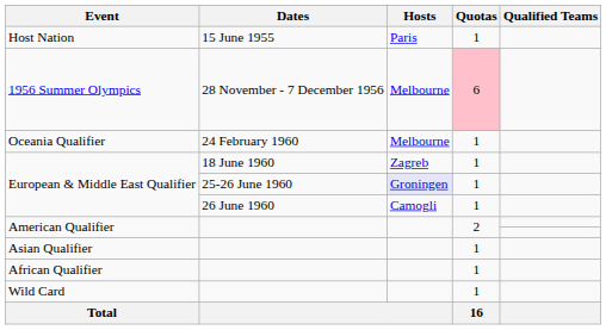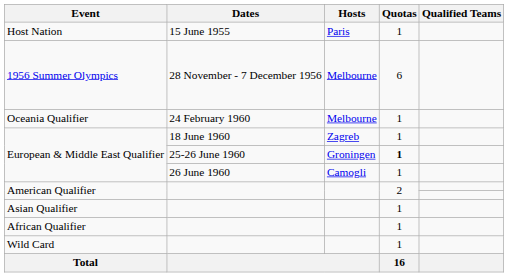 <table class="wikitable">
 <tr>
 <th>Event</th>
 <th>Dates</th>
 <th>Hosts</th>
 <th>Quotas</th>
 <th>Qualified Teams</th>
 </tr>
 <tr>
 <td>Host Nation</td>
 <td>15 June 1955</td>
 <td> <a href='#'>Paris</a></td>
 <td align = "center">1</td>
 <td></td>
 </tr>
 <tr>
 <td><a href='#'>1956 Summer Olympics</a></td>
 <td>28 November - 7 December 1956</td>
 <td> <a href='#'>Melbourne</a></td>
-<td align = "center" style="background: pink;">6</td>
+<td align = "center">6</td>
 <td><br><br><br><br><br></td>
 </tr>
 <tr>
 <td>Oceania Qualifier</td>
 <td>24 February 1960</td>
 <td> <a href='#'>Melbourne</a></td>
 <td align = "center">1</td>
 <td></td>
 </tr>
 <tr>
 <td rowspan="3">European & Middle East Qualifier</td>
 <td>18 June 1960</td>
 <td> <a href='#'>Zagreb</a></td>
 <td align = "center">1</td>
 <td></td>
 </tr>
 <tr>
 <td>25-26 June 1960</td>
-<td style="background: lavender;"> <a href='#'>Groningen</a></td>
-<td align = "center">1</td>
+<td> <a href='#'>Groningen</a></td>
+<td align = "center"><strong>1</strong></td>
 <td></td>
 </tr>
 <tr>
 <td>26 June 1960</td>
 <td> <a href='#'>Camogli</a></td>
 <td align = "center">1</td>
 <td></td>
 </tr>
 <tr>
 <td rowspan="2">American Qualifier</td>
 <td rowspan="2"></td>
 <td rowspan="2"></td>
 <td rowspan="2" align = "center">2</td>
 <td></td>
 </tr>
 <tr>
 <td></td>
 </tr>
 <tr>
 <td>Asian Qualifier</td>
 <td></td>
 <td></td>
 <td align = "center">1</td>
 <td></td>
 </tr>
 <tr>
 <td>African Qualifier</td>
 <td></td>
 <td></td>
 <td align = "center">1</td>
 <td></td>
 </tr>
 <tr>
 <td>Wild Card</td>
 <td></td>
 <td></td>
 <td align = "center">1</td>
 <td></td>
 </tr>
 <tr>
 <th>Total</th>
 <th colspan="2"></th>
 <th>16</th>
 <th></th>
 </tr>
 </table>
